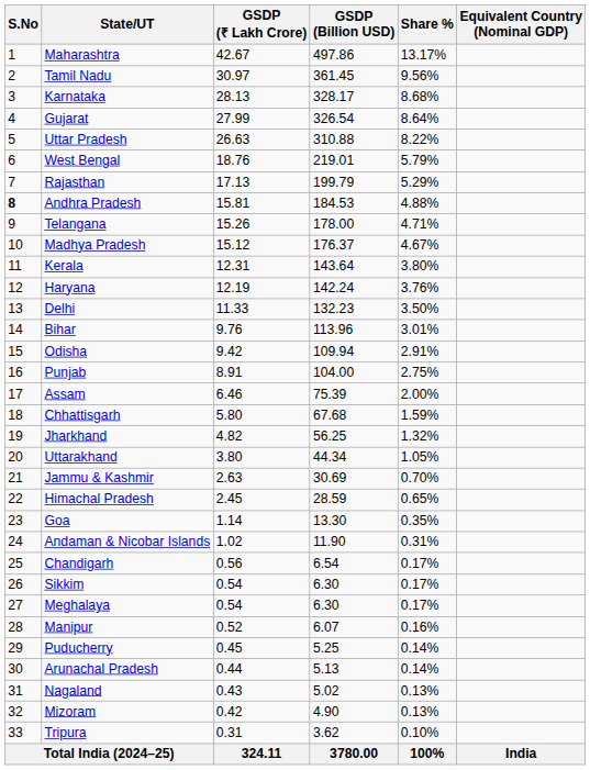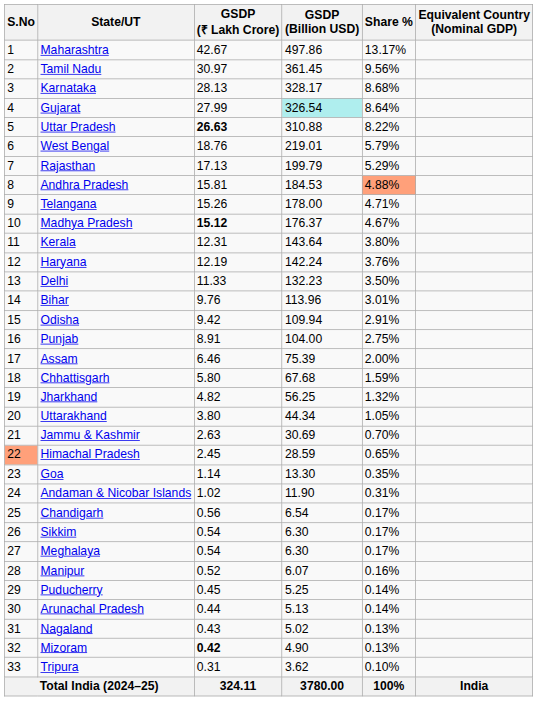 <table class="wikitable sortable">
 <tr>
 <th>S.No</th>
 <th>State/UT</th>
 <th>GSDP<br> (₹ Lakh Crore)</th>
 <th>GSDP<br> (Billion USD)</th>
 <th>Share %</th>
 <th>Equivalent Country<br> (Nominal GDP)</th>
 </tr>
 <tr>
 <td>1</td>
 <td><a href='#'>Maharashtra</a></td>
 <td>42.67</td>
 <td>497.86</td>
 <td>13.17%</td>
 <td></td>
 </tr>
 <tr>
 <td>2</td>
 <td><a href='#'>Tamil Nadu</a></td>
 <td>30.97</td>
 <td>361.45</td>
 <td>9.56%</td>
 <td></td>
 </tr>
 <tr>
 <td>3</td>
 <td><a href='#'>Karnataka</a></td>
 <td>28.13</td>
 <td>328.17</td>
 <td>8.68%</td>
 <td></td>
 </tr>
 <tr>
 <td>4</td>
 <td><a href='#'>Gujarat</a></td>
 <td>27.99</td>
-<td>326.54</td>
+<td style="background: paleturquoise;">326.54</td>
 <td>8.64%</td>
 <td></td>
 </tr>
 <tr>
 <td>5</td>
 <td><a href='#'>Uttar Pradesh</a></td>
-<td>26.63</td>
+<td><strong>26.63</strong></td>
 <td>310.88</td>
 <td>8.22%</td>
 <td></td>
 </tr>
 <tr>
 <td>6</td>
 <td><a href='#'>West Bengal</a></td>
 <td>18.76</td>
 <td>219.01</td>
 <td>5.79%</td>
 <td></td>
 </tr>
 <tr>
 <td>7</td>
 <td><a href='#'>Rajasthan</a></td>
 <td>17.13</td>
 <td>199.79</td>
 <td>5.29%</td>
 <td></td>
 </tr>
 <tr>
-<td><strong>8</strong></td>
+<td>8</td>
 <td><a href='#'>Andhra Pradesh</a></td>
 <td>15.81</td>
 <td>184.53</td>
-<td>4.88%</td>
+<td style="background: lightsalmon;">4.88%</td>
 <td></td>
 </tr>
 <tr>
 <td>9</td>
 <td><a href='#'>Telangana</a></td>
 <td>15.26</td>
 <td>178.00</td>
 <td>4.71%</td>
 <td></td>
 </tr>
 <tr>
 <td>10</td>
 <td><a href='#'>Madhya Pradesh</a></td>
-<td>15.12</td>
+<td><strong>15.12</strong></td>
 <td>176.37</td>
 <td>4.67%</td>
 <td></td>
 </tr>
 <tr>
 <td>11</td>
 <td><a href='#'>Kerala</a></td>
 <td>12.31</td>
 <td>143.64</td>
 <td>3.80%</td>
 <td></td>
 </tr>
 <tr>
 <td>12</td>
 <td><a href='#'>Haryana</a></td>
 <td>12.19</td>
 <td>142.24</td>
 <td>3.76%</td>
 <td></td>
 </tr>
 <tr>
 <td>13</td>
 <td><a href='#'>Delhi</a></td>
 <td>11.33</td>
 <td>132.23</td>
 <td>3.50%</td>
 <td></td>
 </tr>
 <tr>
 <td>14</td>
 <td><a href='#'>Bihar</a></td>
 <td>9.76</td>
 <td>113.96</td>
 <td>3.01%</td>
 <td></td>
 </tr>
 <tr>
 <td>15</td>
 <td><a href='#'>Odisha</a></td>
 <td>9.42</td>
 <td>109.94</td>
 <td>2.91%</td>
 <td></td>
 </tr>
 <tr>
 <td>16</td>
 <td><a href='#'>Punjab</a></td>
 <td>8.91</td>
 <td>104.00</td>
 <td>2.75%</td>
 <td></td>
 </tr>
 <tr>
 <td>17</td>
 <td><a href='#'>Assam</a></td>
 <td>6.46</td>
 <td>75.39</td>
 <td>2.00%</td>
 <td></td>
 </tr>
 <tr>
 <td>18</td>
 <td><a href='#'>Chhattisgarh</a></td>
 <td>5.80</td>
 <td>67.68</td>
 <td>1.59%</td>
 <td></td>
 </tr>
 <tr>
 <td>19</td>
 <td><a href='#'>Jharkhand</a></td>
 <td>4.82</td>
 <td>56.25</td>
 <td>1.32%</td>
 <td></td>
 </tr>
 <tr>
 <td>20</td>
 <td><a href='#'>Uttarakhand</a></td>
 <td>3.80</td>
 <td>44.34</td>
 <td>1.05%</td>
 <td></td>
 </tr>
 <tr>
 <td>21</td>
 <td><a href='#'>Jammu & Kashmir</a></td>
 <td>2.63</td>
 <td>30.69</td>
 <td>0.70%</td>
 <td></td>
 </tr>
 <tr>
-<td>22</td>
+<td style="background: lightsalmon;">22</td>
 <td><a href='#'>Himachal Pradesh</a></td>
 <td>2.45</td>
 <td>28.59</td>
 <td>0.65%</td>
 <td></td>
 </tr>
 <tr>
 <td>23</td>
 <td><a href='#'>Goa</a></td>
 <td>1.14</td>
 <td>13.30</td>
 <td>0.35%</td>
 <td></td>
 </tr>
 <tr>
 <td>24</td>
 <td><a href='#'>Andaman & Nicobar Islands</a></td>
 <td>1.02</td>
 <td>11.90</td>
 <td>0.31%</td>
 <td></td>
 </tr>
 <tr>
 <td>25</td>
 <td><a href='#'>Chandigarh</a></td>
 <td>0.56</td>
 <td>6.54</td>
 <td>0.17%</td>
 <td></td>
 </tr>
 <tr>
 <td>26</td>
 <td><a href='#'>Sikkim</a></td>
 <td>0.54</td>
 <td>6.30</td>
 <td>0.17%</td>
 <td></td>
 </tr>
 <tr>
 <td>27</td>
 <td><a href='#'>Meghalaya</a></td>
 <td>0.54</td>
 <td>6.30</td>
 <td>0.17%</td>
 <td></td>
 </tr>
 <tr>
 <td>28</td>
 <td><a href='#'>Manipur</a></td>
 <td>0.52</td>
 <td>6.07</td>
 <td>0.16%</td>
 <td></td>
 </tr>
 <tr>
 <td>29</td>
 <td><a href='#'>Puducherry</a></td>
 <td>0.45</td>
 <td>5.25</td>
 <td>0.14%</td>
 <td></td>
 </tr>
 <tr>
 <td>30</td>
 <td><a href='#'>Arunachal Pradesh</a></td>
 <td>0.44</td>
 <td>5.13</td>
 <td>0.14%</td>
 <td></td>
 </tr>
 <tr>
 <td>31</td>
 <td><a href='#'>Nagaland</a></td>
 <td>0.43</td>
 <td>5.02</td>
 <td>0.13%</td>
 <td></td>
 </tr>
 <tr>
 <td>32</td>
 <td><a href='#'>Mizoram</a></td>
-<td>0.42</td>
+<td><strong>0.42</strong></td>
 <td>4.90</td>
 <td>0.13%</td>
 <td></td>
 </tr>
 <tr>
 <td>33</td>
 <td><a href='#'>Tripura</a></td>
 <td>0.31</td>
 <td>3.62</td>
 <td>0.10%</td>
 <td></td>
 </tr>
 <tr>
 <th colspan="2"><strong>Total India (2024–25)</strong></th>
 <th><strong>324.11</strong></th>
 <th><strong>3780.00</strong></th>
 <th><strong>100%</strong></th>
 <th><strong>India</strong></th>
 </tr>
 </table>
